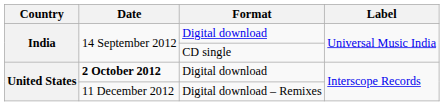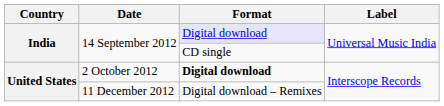 <table class="wikitable plainrowheaders">
 <tr>
 <th scope="col">Country</th>
 <th scope="col">Date</th>
 <th scope="col">Format</th>
 <th scope="col">Label</th>
 </tr>
 <tr>
 <th scope="row" rowspan="2">India</th>
 <td rowspan="2">14 September 2012</td>
-<td><a href='#'>Digital download</a></td>
+<td style="background: lavender;"><a href='#'>Digital download</a></td>
 <td rowspan="2"><a href='#'>Universal Music India</a></td>
 </tr>
 <tr>
 <td>CD single</td>
 </tr>
 <tr>
 <th scope="row" rowspan="2">United States</th>
-<td><strong>2 October 2012</strong></td>
-<td>Digital download</td>
+<td>2 October 2012</td>
+<td><strong>Digital download</strong></td>
 <td rowspan="2"><a href='#'>Interscope Records</a></td>
 </tr>
 <tr>
 <td>11 December 2012</td>
 <td>Digital download – Remixes</td>
 </tr>
 </table>
